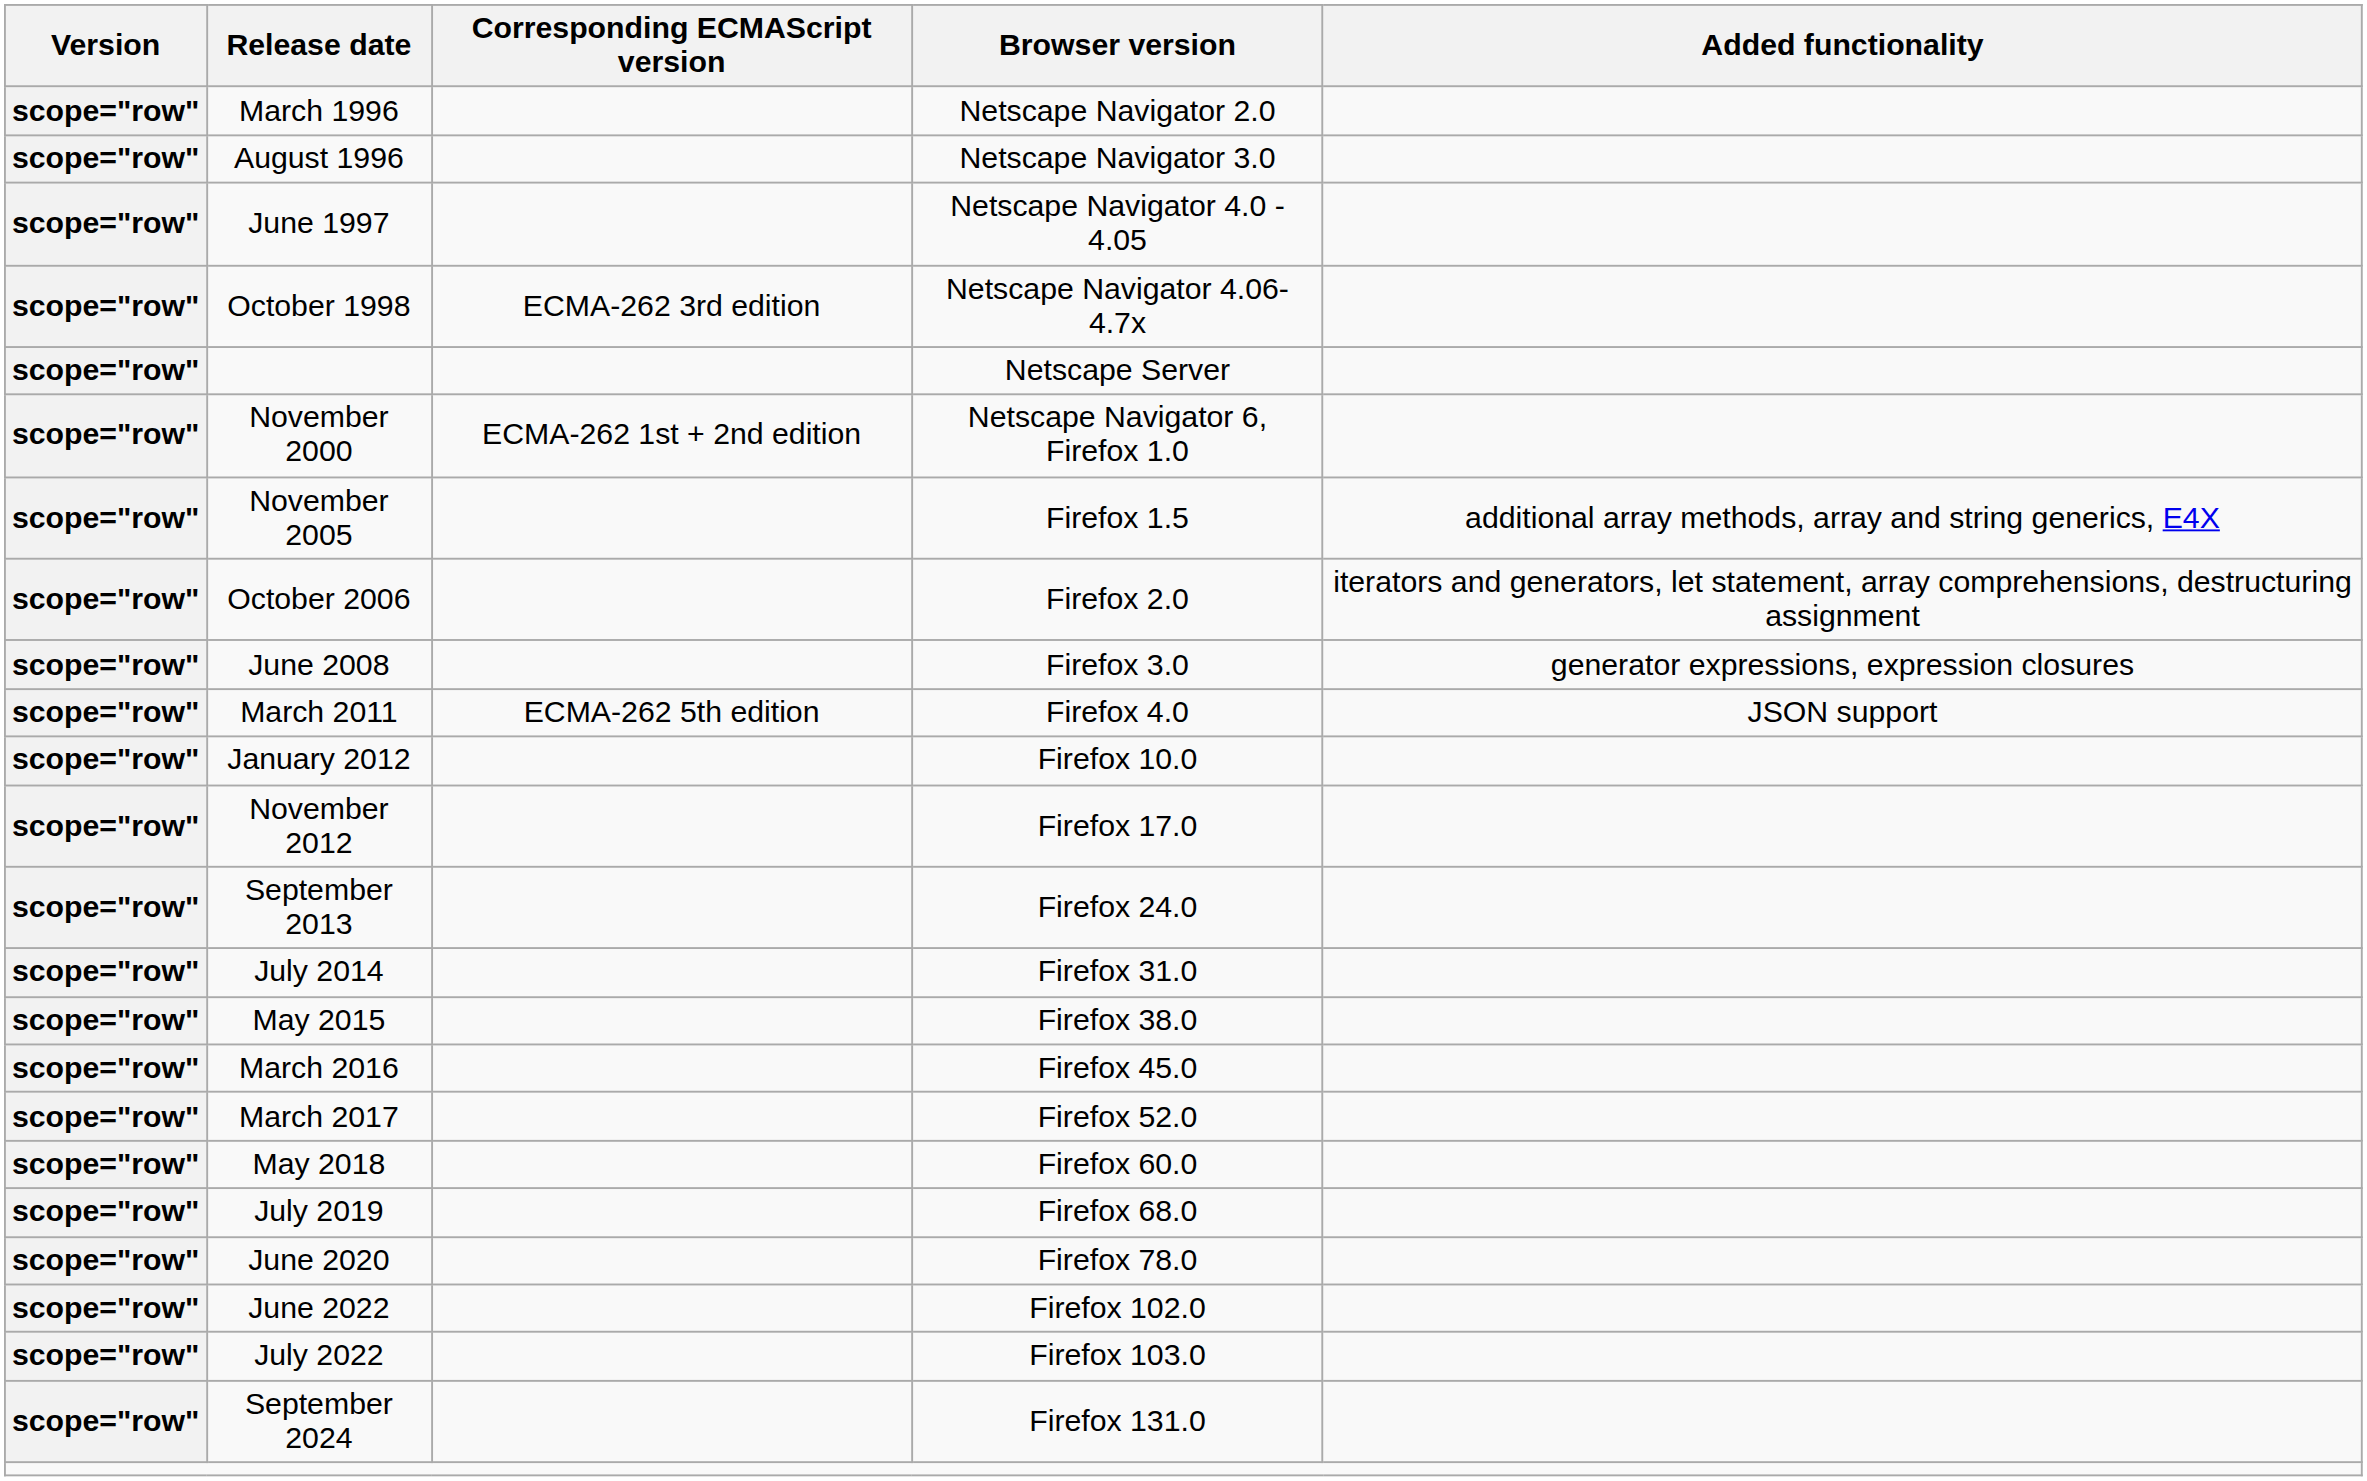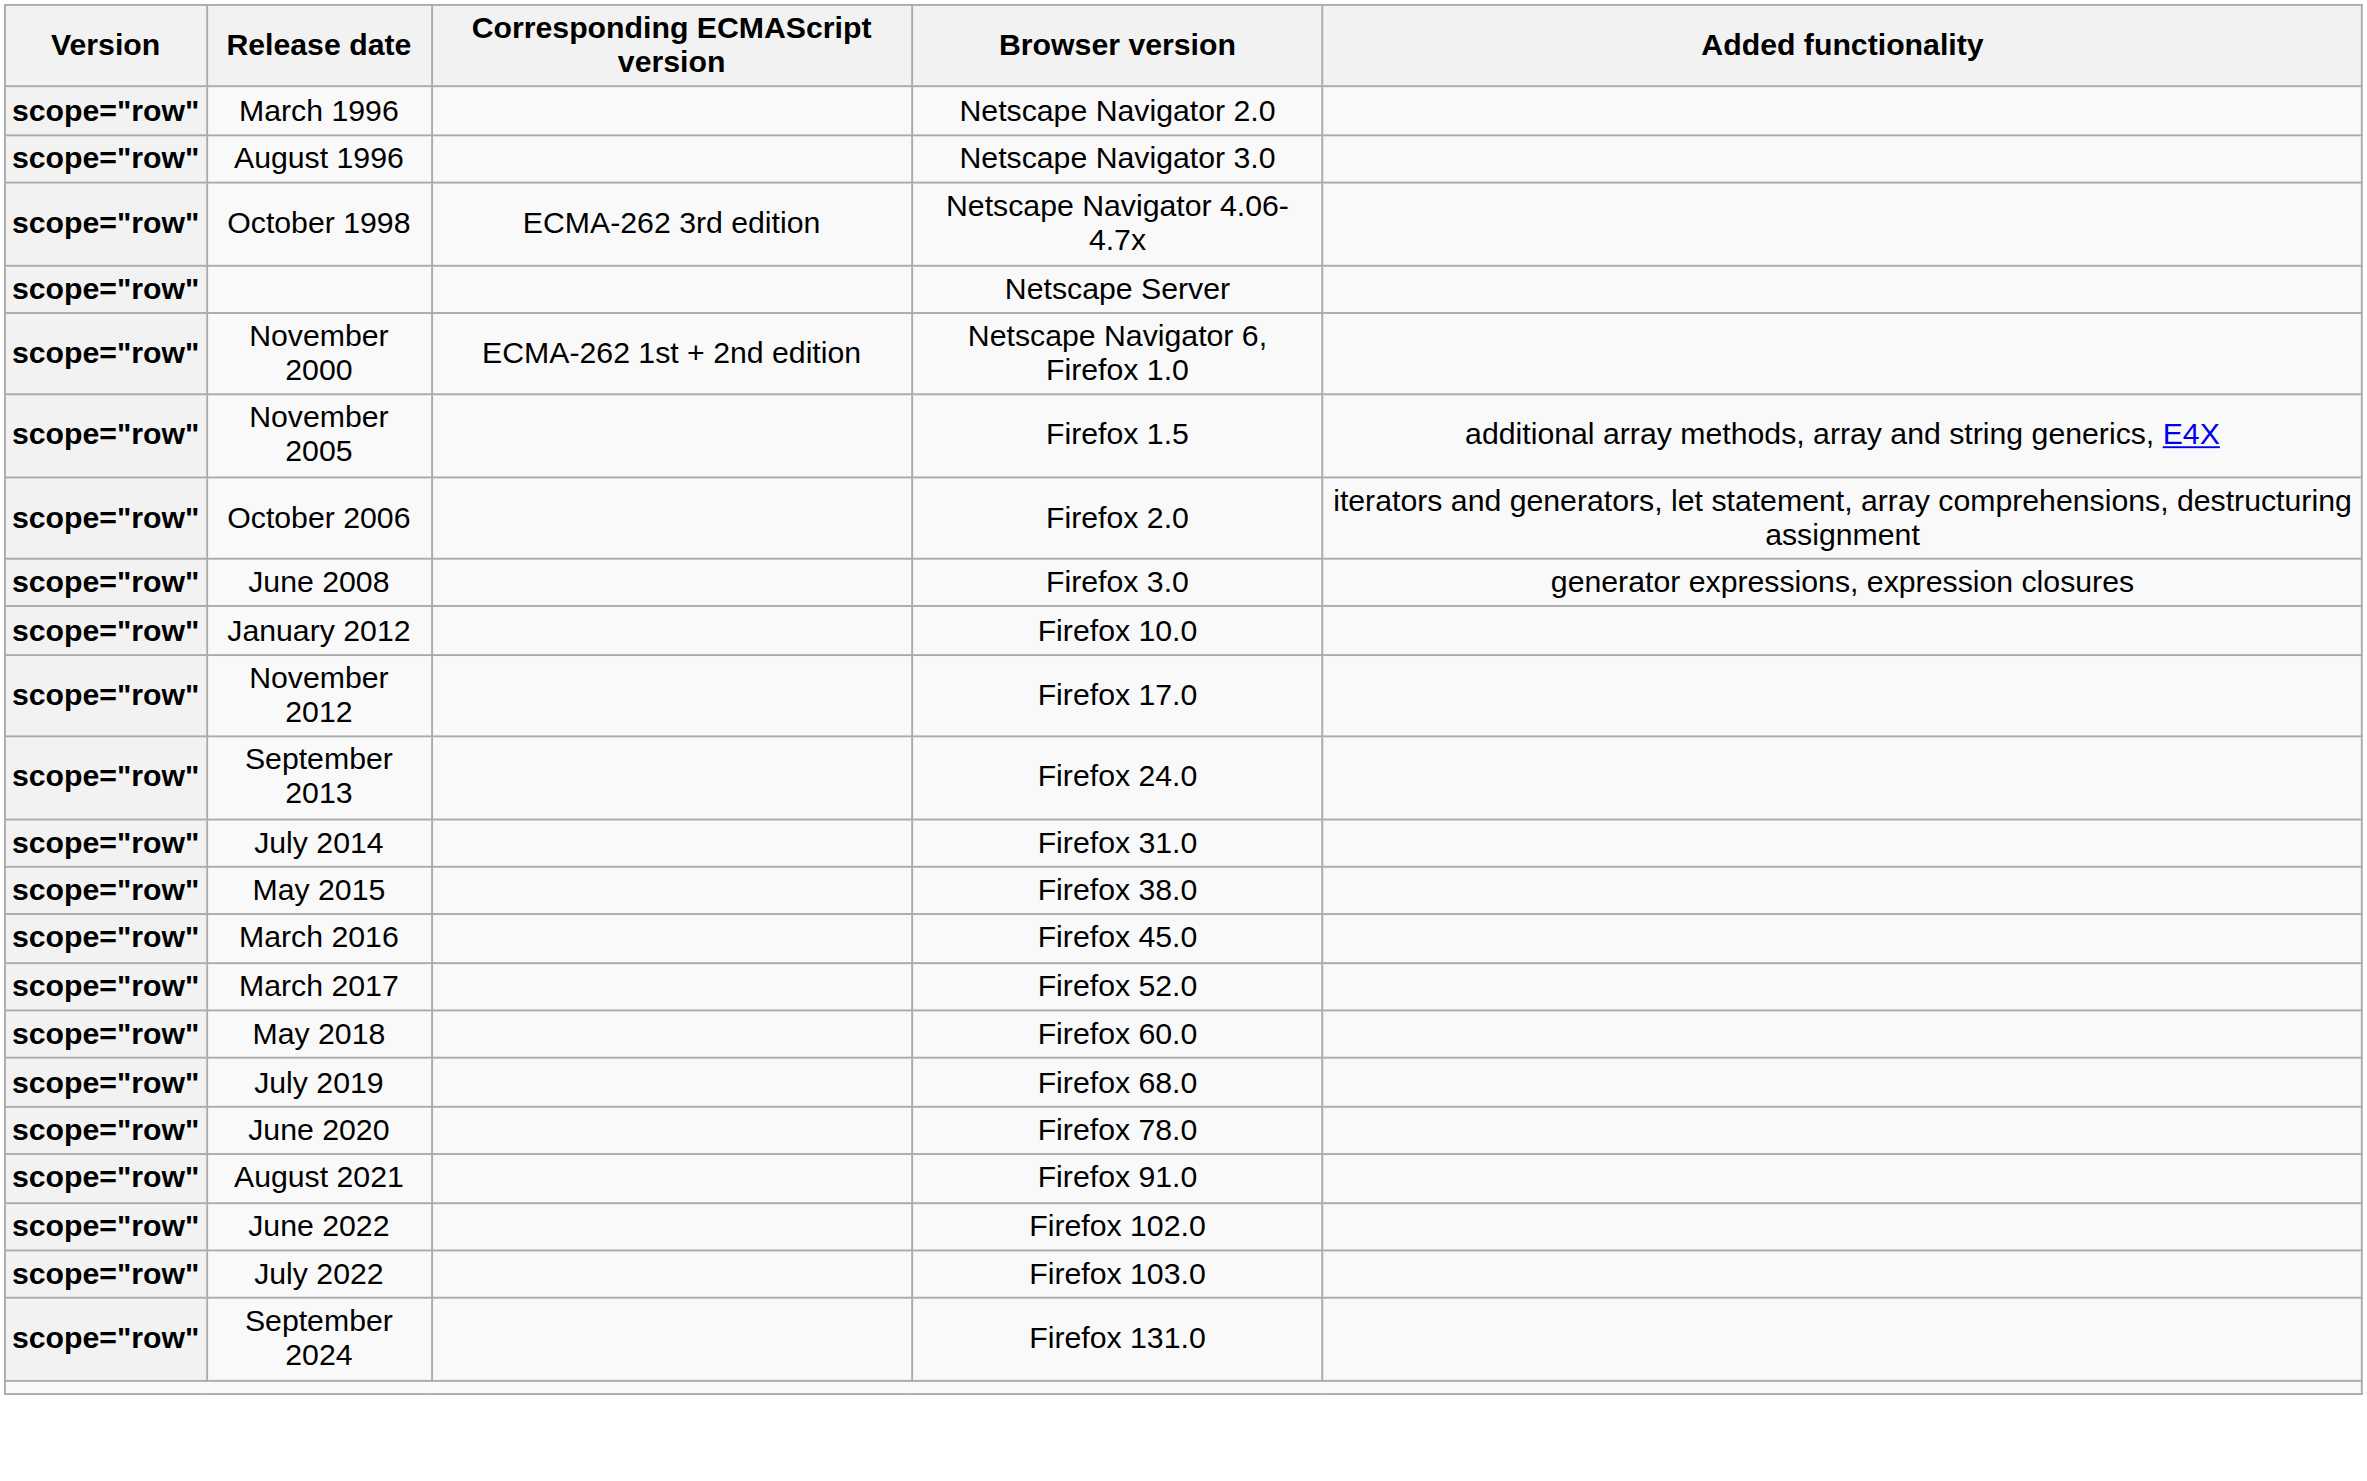 <table class="wikitable" style="text-align:center;">
 <tr>
 <th scope="col">Version</th>
 <th scope="col">Release date</th>
 <th scope="col">Corresponding ECMAScript version</th>
 <th scope="col">Browser version</th>
 <th scope="col">Added functionality</th>
 </tr>
 <tr>
 <th>scope="row" </th>
 <td>March 1996</td>
 <td></td>
 <td>Netscape Navigator 2.0</td>
 <td></td>
 </tr>
 <tr>
 <th>scope="row" </th>
 <td>August 1996</td>
 <td></td>
 <td>Netscape Navigator 3.0</td>
-<td></td>
-</tr>
-<tr>
-<th>scope="row" </th>
-<td>June 1997</td>
-<td></td>
-<td>Netscape Navigator 4.0 - 4.05</td>
 <td></td>
 </tr>
 <tr>
 <th>scope="row" </th>
 <td>October 1998</td>
 <td>ECMA-262 3rd edition</td>
 <td>Netscape Navigator 4.06-4.7x</td>
 <td></td>
 </tr>
 <tr>
 <th>scope="row" </th>
 <td></td>
 <td></td>
 <td>Netscape Server</td>
 <td></td>
 </tr>
 <tr>
 <th>scope="row" </th>
 <td>November 2000</td>
 <td>ECMA-262 1st + 2nd edition</td>
 <td>Netscape Navigator 6, Firefox 1.0</td>
 <td></td>
 </tr>
 <tr>
 <th>scope="row" </th>
 <td>November 2005</td>
 <td></td>
 <td>Firefox 1.5</td>
 <td>additional array methods, array and string generics, <a href='#'>E4X</a></td>
 </tr>
 <tr>
 <th>scope="row" </th>
 <td>October 2006</td>
 <td></td>
 <td>Firefox 2.0</td>
 <td>iterators and generators, let statement, array comprehensions, destructuring assignment</td>
 </tr>
 <tr>
 <th>scope="row" </th>
 <td>June 2008</td>
 <td></td>
 <td>Firefox 3.0</td>
 <td>generator expressions, expression closures</td>
-</tr>
-<tr>
-<th>scope="row" </th>
-<td>March 2011</td>
-<td>ECMA-262 5th edition</td>
-<td>Firefox 4.0</td>
-<td>JSON support</td>
 </tr>
 <tr>
 <th>scope="row" </th>
 <td>January 2012</td>
 <td></td>
 <td>Firefox 10.0</td>
 <td></td>
 </tr>
 <tr>
 <th>scope="row" </th>
 <td>November 2012</td>
 <td></td>
 <td>Firefox 17.0</td>
 <td></td>
 </tr>
 <tr>
 <th>scope="row" </th>
 <td>September 2013</td>
 <td></td>
 <td>Firefox 24.0</td>
 <td></td>
 </tr>
 <tr>
 <th>scope="row" </th>
 <td>July 2014</td>
 <td></td>
 <td>Firefox 31.0</td>
 <td></td>
 </tr>
 <tr>
 <th>scope="row" </th>
 <td>May 2015</td>
 <td></td>
 <td>Firefox 38.0</td>
 <td></td>
 </tr>
 <tr>
 <th>scope="row" </th>
 <td>March 2016</td>
 <td></td>
 <td>Firefox 45.0</td>
 <td></td>
 </tr>
 <tr>
 <th>scope="row" </th>
 <td>March 2017</td>
 <td></td>
 <td>Firefox 52.0</td>
 <td></td>
 </tr>
 <tr>
 <th>scope="row" </th>
 <td>May 2018</td>
 <td></td>
 <td>Firefox 60.0</td>
 <td></td>
 </tr>
 <tr>
 <th>scope="row" </th>
 <td>July 2019</td>
 <td></td>
 <td>Firefox 68.0</td>
 <td></td>
 </tr>
 <tr>
 <th>scope="row" </th>
 <td>June 2020</td>
 <td></td>
 <td>Firefox 78.0</td>
 <td></td>
 </tr>
 <tr>
 <th>scope="row" </th>
+<td>August 2021</td>
+<td></td>
+<td>Firefox 91.0</td>
+<td></td>
+</tr>
+<tr>
+<th>scope="row" </th>
 <td>June 2022</td>
 <td></td>
 <td>Firefox 102.0</td>
 <td></td>
 </tr>
 <tr>
 <th>scope="row" </th>
 <td>July 2022</td>
 <td></td>
 <td>Firefox 103.0</td>
 <td></td>
 </tr>
 <tr>
 <th>scope="row" </th>
 <td>September 2024</td>
 <td></td>
 <td>Firefox 131.0</td>
 <td></td>
 </tr>
 <tr>
 <td colspan="5"></td>
 </tr>
 </table>
